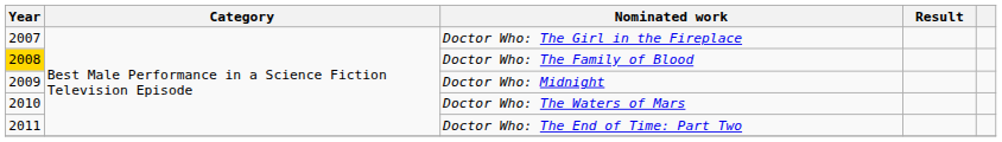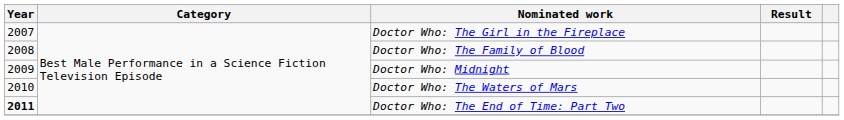 <table class=wikitable>
 <tr>
 <th scope="col" style="width:1em;">Year</th>
 <th scope="col" style="width:29em;">Category</th>
 <th scope="col" style="width:34em;">Nominated work</th>
 <th scope="col" style="width:5em;">Result</th>
 <th scope="col" style="width:1em;"></th>
 </tr>
 <tr>
 <td>2007</td>
 <td rowspan="5">Best Male Performance in a Science Fiction Television Episode</td>
 <td><em>Doctor Who: <a href='#'>The Girl in the Fireplace</a></em></td>
 <td></td>
 <td></td>
 </tr>
 <tr>
-<td style="background: gold;">2008</td>
+<td>2008</td>
 <td><em>Doctor Who: <a href='#'>The Family of Blood</a></em></td>
 <td></td>
 <td></td>
 </tr>
 <tr>
 <td>2009</td>
 <td><em>Doctor Who: <a href='#'>Midnight</a></em></td>
 <td></td>
 <td></td>
 </tr>
 <tr>
 <td>2010</td>
 <td><em>Doctor Who: <a href='#'>The Waters of Mars</a></em></td>
 <td></td>
 <td></td>
 </tr>
 <tr>
-<td>2011</td>
+<td><strong>2011</strong></td>
 <td><em>Doctor Who: <a href='#'>The End of Time: Part Two</a></em></td>
 <td></td>
 <td></td>
 </tr>
 <tr>
 </tr>
 </table>
